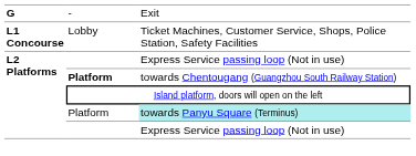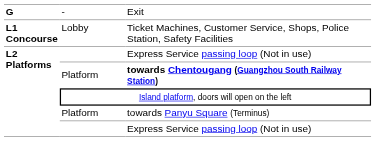 <table table border=0 cellspacing=0 cellpadding=3>
 <tr>
 <td style="border-top:solid 1px gray;" width=50 valign=top><strong>G</strong></td>
 <td style="border-top:solid 1px gray;" width=100 valign=top>-</td>
 <td style="border-top:solid 1px gray;" width=390 valign=top>Exit</td>
 </tr>
 <tr>
 <td style="border-bottom:solid 1px gray; border-top:solid 1px gray;" valign=top><strong>L1<br>Concourse</strong></td>
 <td style="border-bottom:solid 1px gray; border-top:solid 1px gray;" valign=top>Lobby</td>
 <td style="border-bottom:solid 1px gray; border-top:solid 1px gray;" valign=top>Ticket Machines, Customer Service, Shops, Police Station, Safety Facilities</td>
 </tr>
 <tr>
 <td style="border-bottom:solid 1px gray;" rowspan=5 valign=top><strong>L2<br>Platforms</strong></td>
 <td></td>
 <td> Express Service <a href='#'>passing loop</a> (Not in use)</td>
 </tr>
 <tr>
-<td style="border-top:solid 1px gray;"><strong>Platform </strong></td>
-<td style="border-top:solid 1px gray;">  towards <a href='#'>Chentougang</a> <small>(<a href='#'>Guangzhou South Railway Station</a>)</small></td>
+<td style="border-top:solid 1px gray;">Platform </td>
+<td style="border-top:solid 1px gray;"><strong>  towards <a href='#'>Chentougang</a> <small>(<a href='#'>Guangzhou South Railway Station</a>)</small></strong></td>
 </tr>
 <tr>
 <td style="border-right:solid 2px black;border-left:solid 2px black;border-top:solid 2px black;border-bottom:solid 2px black;text-align:center;" colspan=2><small><a href='#'>Island platform</a>, doors will open on the left</small></td>
 </tr>
 <tr>
 <td style="border-bottom:solid 1px gray;">Platform </td>
-<td style="background: paleturquoise; border-bottom:solid 1px gray;"><span></span>  towards <a href='#'>Panyu Square</a> <small>(Terminus)</small> </td>
+<td style="border-bottom:solid 1px gray;"><span></span>  towards <a href='#'>Panyu Square</a> <small>(Terminus)</small> </td>
 </tr>
 <tr>
 <td style="border-bottom:solid 1px gray;"></td>
 <td style="border-bottom:solid 1px gray;"> Express Service <a href='#'>passing loop</a> (Not in use)</td>
 </tr>
 </table>
